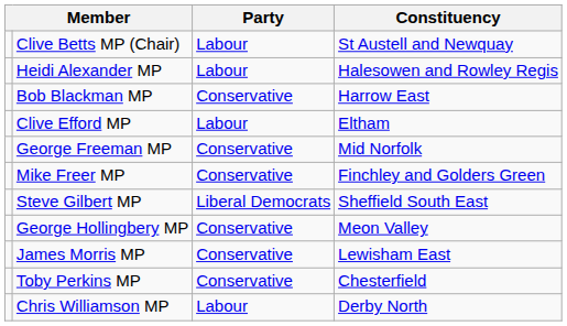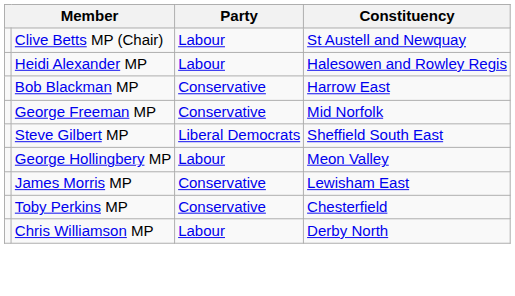 <table class="wikitable">
 <tr>
 <th colspan="2" valign="top">Member</th>
 <th valign="top">Party</th>
 <th valign="top">Constituency</th>
 </tr>
 <tr>
 <td style="color:inherit;background:"></td>
 <td><a href='#'>Clive Betts</a> MP (Chair)</td>
 <td><a href='#'>Labour</a></td>
 <td><a href='#'>St Austell and Newquay</a></td>
 </tr>
 <tr>
 <td style="color:inherit;background:"></td>
 <td><a href='#'>Heidi Alexander</a> MP</td>
 <td><a href='#'>Labour</a></td>
 <td><a href='#'>Halesowen and Rowley Regis</a></td>
 </tr>
 <tr>
 <td style="color:inherit;background:"></td>
 <td><a href='#'>Bob Blackman</a> MP</td>
 <td><a href='#'>Conservative</a></td>
 <td><a href='#'>Harrow East</a></td>
 </tr>
 <tr>
 <td style="color:inherit;background:"></td>
-<td><a href='#'>Clive Efford</a> MP</td>
-<td><a href='#'>Labour</a></td>
-<td><a href='#'>Eltham</a></td>
-</tr>
-<tr>
-<td style="color:inherit;background:"></td>
 <td><a href='#'>George Freeman</a> MP</td>
 <td><a href='#'>Conservative</a></td>
 <td><a href='#'>Mid Norfolk</a></td>
-</tr>
-<tr>
-<td style="color:inherit;background:"></td>
-<td><a href='#'>Mike Freer</a> MP</td>
-<td><a href='#'>Conservative</a></td>
-<td><a href='#'>Finchley and Golders Green</a></td>
 </tr>
 <tr>
 <td style="color:inherit;background:"></td>
 <td><a href='#'>Steve Gilbert</a> MP</td>
 <td><a href='#'>Liberal Democrats</a></td>
 <td><a href='#'>Sheffield South East</a></td>
 </tr>
 <tr>
 <td style="color:inherit;background:"></td>
 <td><a href='#'>George Hollingbery</a> MP</td>
-<td><a href='#'>Conservative</a></td>
+<td><a href='#'>Labour</a></td>
 <td><a href='#'>Meon Valley</a></td>
 </tr>
 <tr>
 <td style="color:inherit;background:"></td>
 <td><a href='#'>James Morris</a> MP</td>
 <td><a href='#'>Conservative</a></td>
 <td><a href='#'>Lewisham East</a></td>
 </tr>
 <tr>
 <td style="color:inherit;background:"></td>
 <td><a href='#'>Toby Perkins</a> MP</td>
 <td><a href='#'>Conservative</a></td>
 <td><a href='#'>Chesterfield</a></td>
 </tr>
 <tr>
 <td style="color:inherit;background:"></td>
 <td><a href='#'>Chris Williamson</a> MP</td>
 <td><a href='#'>Labour</a></td>
 <td><a href='#'>Derby North</a></td>
 </tr>
 </table>
